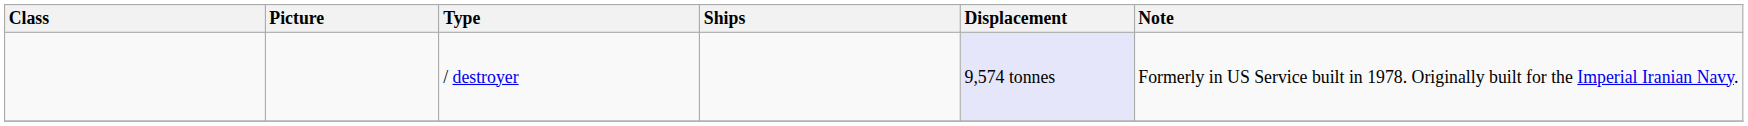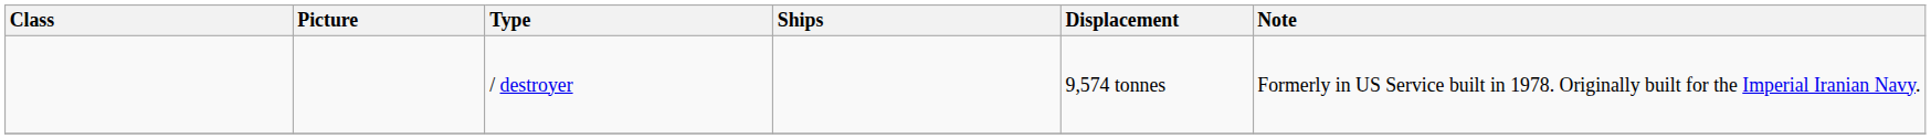 <table class="wikitable">
 <tr>
 <th style="text-align:left; width:15%;">Class</th>
 <th style="text-align:left; width:10%;">Picture</th>
 <th style="text-align:left; width:15%;">Type</th>
 <th style="text-align:left; width:15%;">Ships</th>
 <th style="text-align:left; width:10%;">Displacement</th>
 <th style="text-align:left; width:;">Note<br></th>
 </tr>
 <tr>
 <td></td>
 <td></td>
 <td> / <a href='#'>destroyer</a></td>
 <td> <br>  <br>  <br><br></td>
-<td style="background: lavender;">9,574 tonnes</td>
+<td>9,574 tonnes</td>
 <td>Formerly  in US Service built in 1978. Originally built for the <a href='#'>Imperial Iranian Navy</a>.</td>
 </tr>
 <tr>
 </tr>
 </table>
